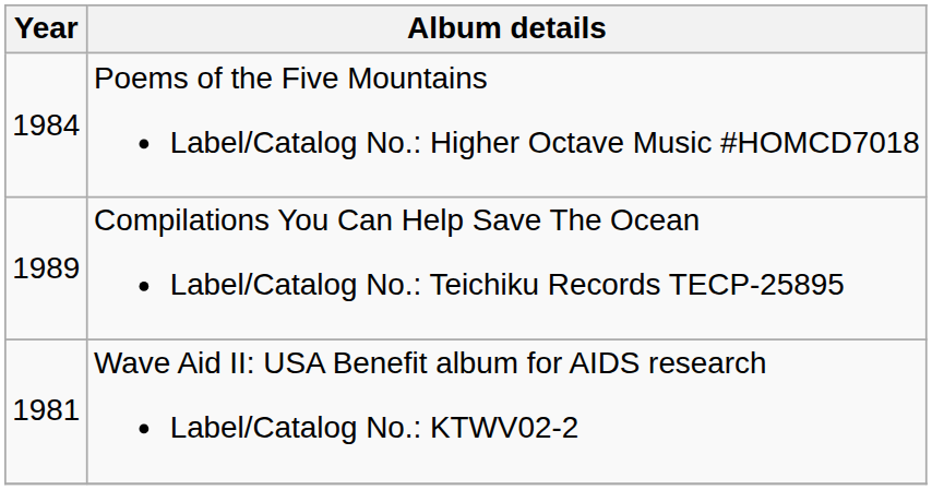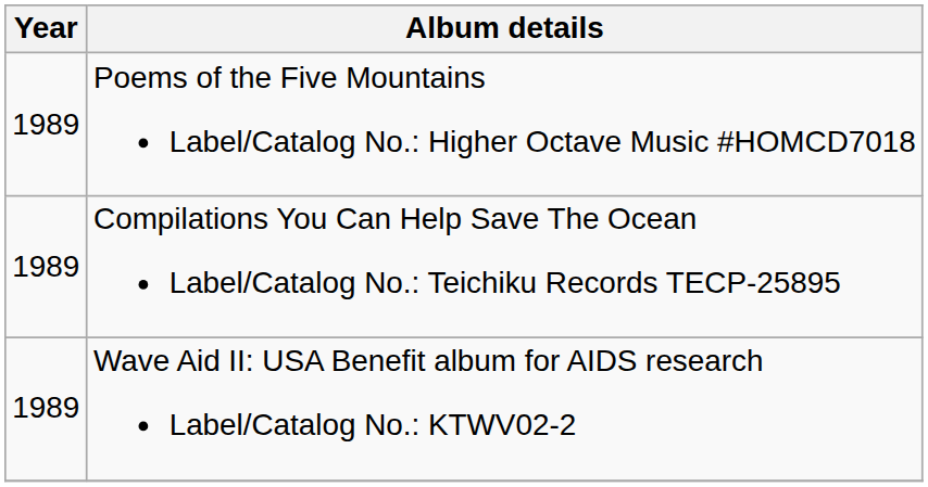 <table class="wikitable">
 <tr>
 <th><strong>Year</strong></th>
 <th><strong>Album details</strong></th>
 </tr>
 <tr>
-<td>1984</td>
+<td>1989</td>
 <td>Poems of the Five Mountains<br><ul><li>Label/Catalog No.: Higher Octave Music #HOMCD7018</li></ul></td>
 </tr>
 <tr>
 <td>1989</td>
 <td>Compilations You Can Help Save The Ocean<br><ul><li>Label/Catalog No.: Teichiku Records TECP-25895</li></ul></td>
 </tr>
 <tr>
-<td>1981</td>
+<td>1989</td>
 <td>Wave Aid II: USA Benefit album for AIDS research<br><ul><li>Label/Catalog No.: KTWV02-2</li></ul></td>
 </tr>
 <tr>
 </tr>
 </table>
